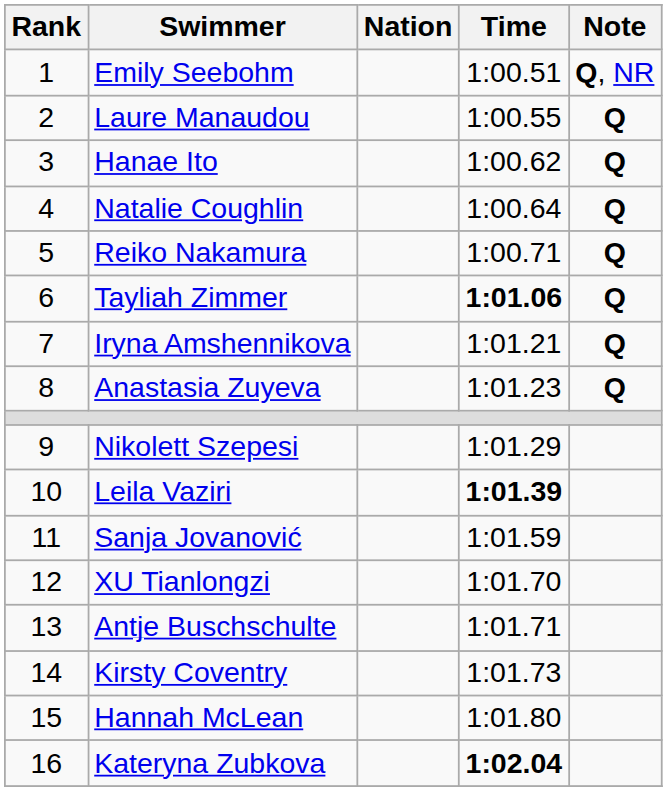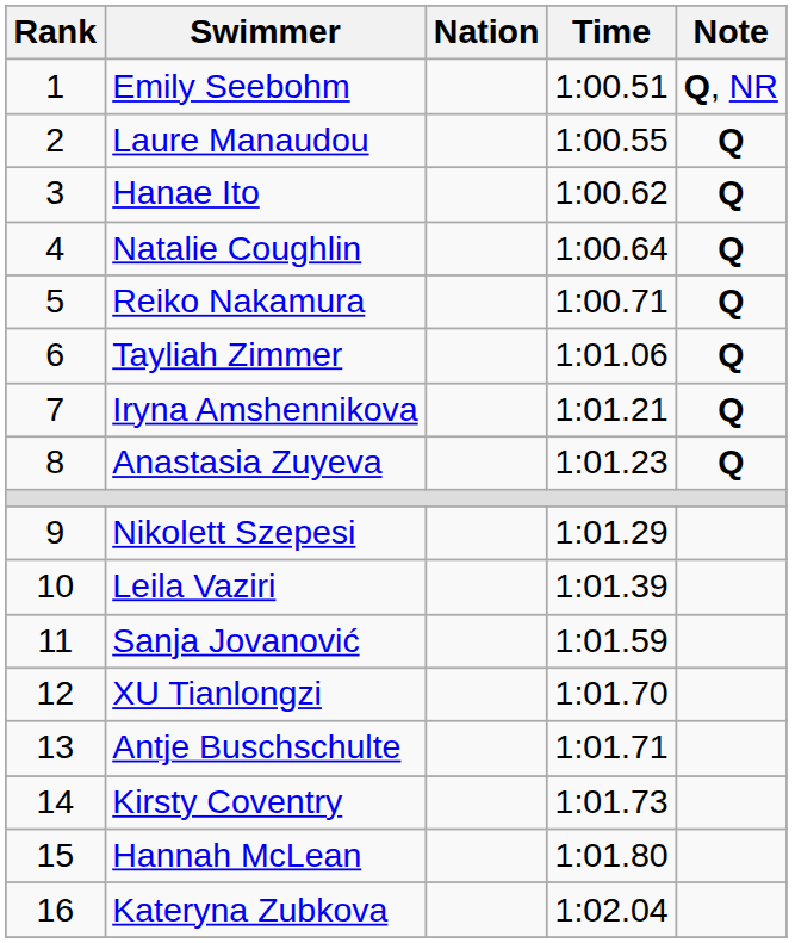 <table class="wikitable" style="text-align:center">
 <tr>
 <th>Rank</th>
 <th>Swimmer</th>
 <th>Nation</th>
 <th>Time</th>
 <th>Note</th>
 </tr>
 <tr>
 <td>1</td>
 <td align=left><a href='#'>Emily Seebohm</a></td>
 <td align=left></td>
 <td>1:00.51</td>
 <td><strong>Q</strong>, <a href='#'>NR</a></td>
 </tr>
 <tr>
 <td>2</td>
 <td align=left><a href='#'>Laure Manaudou</a></td>
 <td align=left></td>
 <td>1:00.55</td>
 <td><strong>Q</strong></td>
 </tr>
 <tr>
 <td>3</td>
 <td align=left><a href='#'>Hanae Ito</a></td>
 <td align=left></td>
 <td>1:00.62</td>
 <td><strong>Q</strong></td>
 </tr>
 <tr>
 <td>4</td>
 <td align=left><a href='#'>Natalie Coughlin</a></td>
 <td align=left></td>
 <td>1:00.64</td>
 <td><strong>Q</strong></td>
 </tr>
 <tr>
 <td>5</td>
 <td align=left><a href='#'>Reiko Nakamura</a></td>
 <td align=left></td>
 <td>1:00.71</td>
 <td><strong>Q</strong></td>
 </tr>
 <tr>
 <td>6</td>
 <td align=left><a href='#'>Tayliah Zimmer</a></td>
 <td align=left></td>
-<td><strong>1:01.06</strong></td>
+<td>1:01.06</td>
 <td><strong>Q</strong></td>
 </tr>
 <tr>
 <td>7</td>
 <td align=left><a href='#'>Iryna Amshennikova</a></td>
 <td align=left></td>
 <td>1:01.21</td>
 <td><strong>Q</strong></td>
 </tr>
 <tr>
 <td>8</td>
 <td align=left><a href='#'>Anastasia Zuyeva</a></td>
 <td align=left></td>
 <td>1:01.23</td>
 <td><strong>Q</strong></td>
 </tr>
 <tr bgcolor=#DDDDDD>
 <td colspan=5></td>
 </tr>
 <tr>
 <td>9</td>
 <td align=left><a href='#'>Nikolett Szepesi</a></td>
 <td align=left></td>
 <td>1:01.29</td>
 <td></td>
 </tr>
 <tr>
 <td>10</td>
 <td align=left><a href='#'>Leila Vaziri</a></td>
 <td align=left></td>
-<td><strong>1:01.39</strong></td>
+<td>1:01.39</td>
 <td></td>
 </tr>
 <tr>
 <td>11</td>
 <td align=left><a href='#'>Sanja Jovanović</a></td>
 <td align=left></td>
 <td>1:01.59</td>
 <td></td>
 </tr>
 <tr>
 <td>12</td>
 <td align=left><a href='#'>XU Tianlongzi</a></td>
 <td align=left></td>
 <td>1:01.70</td>
 <td></td>
 </tr>
 <tr>
 <td>13</td>
 <td align=left><a href='#'>Antje Buschschulte</a></td>
 <td align=left></td>
 <td>1:01.71</td>
 <td></td>
 </tr>
 <tr>
 <td>14</td>
 <td align=left><a href='#'>Kirsty Coventry</a></td>
 <td align=left></td>
 <td>1:01.73</td>
 <td></td>
 </tr>
 <tr>
 <td>15</td>
 <td align=left><a href='#'>Hannah McLean</a></td>
 <td align=left></td>
 <td>1:01.80</td>
 <td></td>
 </tr>
 <tr>
 <td>16</td>
 <td align=left><a href='#'>Kateryna Zubkova</a></td>
 <td align=left></td>
-<td><strong>1:02.04</strong></td>
+<td>1:02.04</td>
 <td></td>
 </tr>
 <tr>
 </tr>
 </table>
